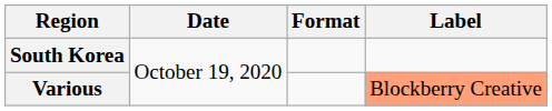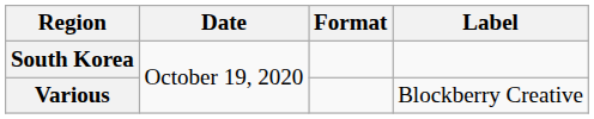 <table class="wikitable plainrowheaders">
 <tr>
 <th>Region</th>
 <th>Date</th>
 <th>Format</th>
 <th>Label</th>
 </tr>
 <tr>
 <th scope="row">South Korea</th>
 <td rowspan="2">October 19, 2020</td>
 <td rowspan="1"></td>
 <td></td>
 </tr>
 <tr>
 <th scope="row">Various</th>
 <td rowspan="1"></td>
-<td style="background: lightsalmon;">Blockberry Creative</td>
+<td>Blockberry Creative</td>
 </tr>
 </table>
